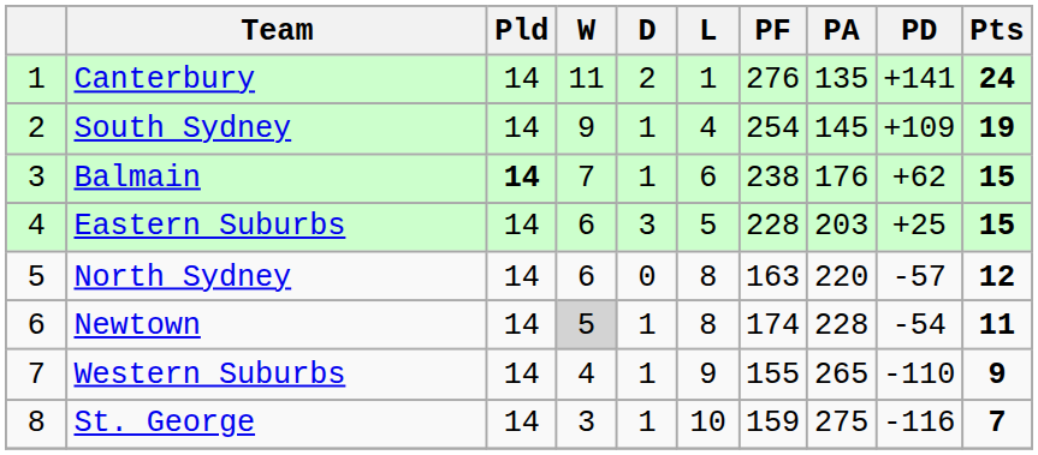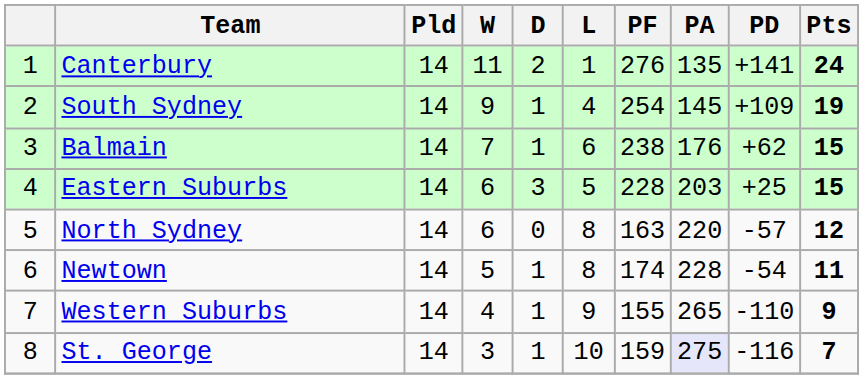 <table class="wikitable" style="text-align:center;">
 <tr>
 <th width=20 abbr="Position"></th>
 <th width=175>Team</th>
 <th width=20 abbr="Played">Pld</th>
 <th width=20 abbr="Won">W</th>
 <th width=20 abbr="Drawn">D</th>
 <th width=20 abbr="Lost">L</th>
 <th width=20 abbr="Points for">PF</th>
 <th width=20 abbr="Points against">PA</th>
 <th width=20 abbr="Points difference">PD</th>
 <th width=20 abbr="Points">Pts</th>
 </tr>
 <tr style="background: #ccffcc;">
 <td>1</td>
 <td style="text-align:left;"> <a href='#'>Canterbury</a></td>
 <td>14</td>
 <td>11</td>
 <td>2</td>
 <td>1</td>
 <td>276</td>
 <td>135</td>
 <td>+141</td>
 <td><strong>24</strong></td>
 </tr>
 <tr style="background: #ccffcc;">
 <td>2</td>
 <td style="text-align:left;"> <a href='#'>South Sydney</a></td>
 <td>14</td>
 <td>9</td>
 <td>1</td>
 <td>4</td>
 <td>254</td>
 <td>145</td>
 <td>+109</td>
 <td><strong>19</strong></td>
 </tr>
 <tr style="background: #ccffcc;">
 <td>3</td>
 <td style="text-align:left;"> <a href='#'>Balmain</a></td>
-<td><strong>14</strong></td>
+<td>14</td>
 <td>7</td>
 <td>1</td>
 <td>6</td>
 <td>238</td>
 <td>176</td>
 <td>+62</td>
 <td><strong>15</strong></td>
 </tr>
 <tr style="background: #ccffcc;">
 <td>4</td>
 <td style="text-align:left;"> <a href='#'>Eastern Suburbs</a></td>
 <td>14</td>
 <td>6</td>
 <td>3</td>
 <td>5</td>
 <td>228</td>
 <td>203</td>
 <td>+25</td>
 <td><strong>15</strong></td>
 </tr>
 <tr>
 <td>5</td>
 <td style="text-align:left;"> <a href='#'>North Sydney</a></td>
 <td>14</td>
 <td>6</td>
 <td>0</td>
 <td>8</td>
 <td>163</td>
 <td>220</td>
 <td>-57</td>
 <td><strong>12</strong></td>
 </tr>
 <tr>
 <td>6</td>
 <td style="text-align:left;"> <a href='#'>Newtown</a></td>
 <td>14</td>
-<td style="background: lightgrey;">5</td>
+<td>5</td>
 <td>1</td>
 <td>8</td>
 <td>174</td>
 <td>228</td>
 <td>-54</td>
 <td><strong>11</strong></td>
 </tr>
 <tr>
 <td>7</td>
 <td style="text-align:left;"> <a href='#'>Western Suburbs</a></td>
 <td>14</td>
 <td>4</td>
 <td>1</td>
 <td>9</td>
 <td>155</td>
 <td>265</td>
 <td>-110</td>
 <td><strong>9</strong></td>
 </tr>
 <tr>
 <td>8</td>
 <td style="text-align:left;"> <a href='#'>St. George</a></td>
 <td>14</td>
 <td>3</td>
 <td>1</td>
 <td>10</td>
 <td>159</td>
-<td>275</td>
+<td style="background: lavender;">275</td>
 <td>-116</td>
 <td><strong>7</strong></td>
 </tr>
 <tr>
 </tr>
 </table>
